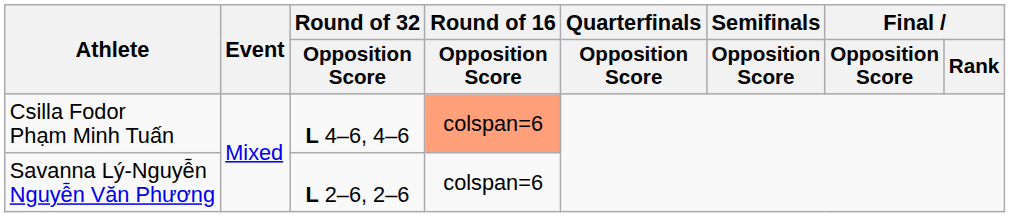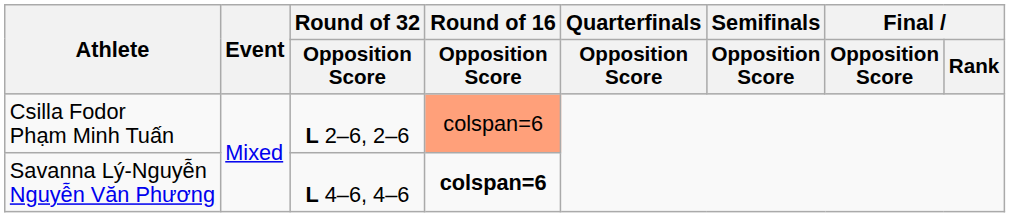 <table class=wikitable style="font-size:90%">
 <tr>
 <th rowspan=2>Athlete</th>
 <th rowspan=2>Event</th>
 <th>Round of 32</th>
 <th>Round of 16</th>
 <th>Quarterfinals</th>
 <th>Semifinals</th>
 <th colspan=2>Final / </th>
 </tr>
 <tr style="font-size:95%">
 <th>Opposition<br>Score</th>
 <th>Opposition<br>Score</th>
 <th>Opposition<br>Score</th>
 <th>Opposition<br>Score</th>
 <th>Opposition<br>Score</th>
 <th>Rank</th>
 </tr>
 <tr align=center>
 <td align=left>Csilla Fodor<br>Phạm Minh Tuấn</td>
 <td align=left rowspan=2><a href='#'>Mixed</a></td>
-<td><br><strong>L</strong> 4–6, 4–6</td>
+<td> <br><strong>L</strong> 2–6, 2–6</td>
 <td style="background: lightsalmon;">colspan=6 </td>
 </tr>
 <tr align=center>
 <td align=left>Savanna Lý-Nguyễn<br><a href='#'>Nguyễn Văn Phương</a></td>
-<td> <br><strong>L</strong> 2–6, 2–6</td>
-<td>colspan=6 </td>
+<td><br><strong>L</strong> 4–6, 4–6</td>
+<td><strong>colspan=6 </strong></td>
 </tr>
 </table>
